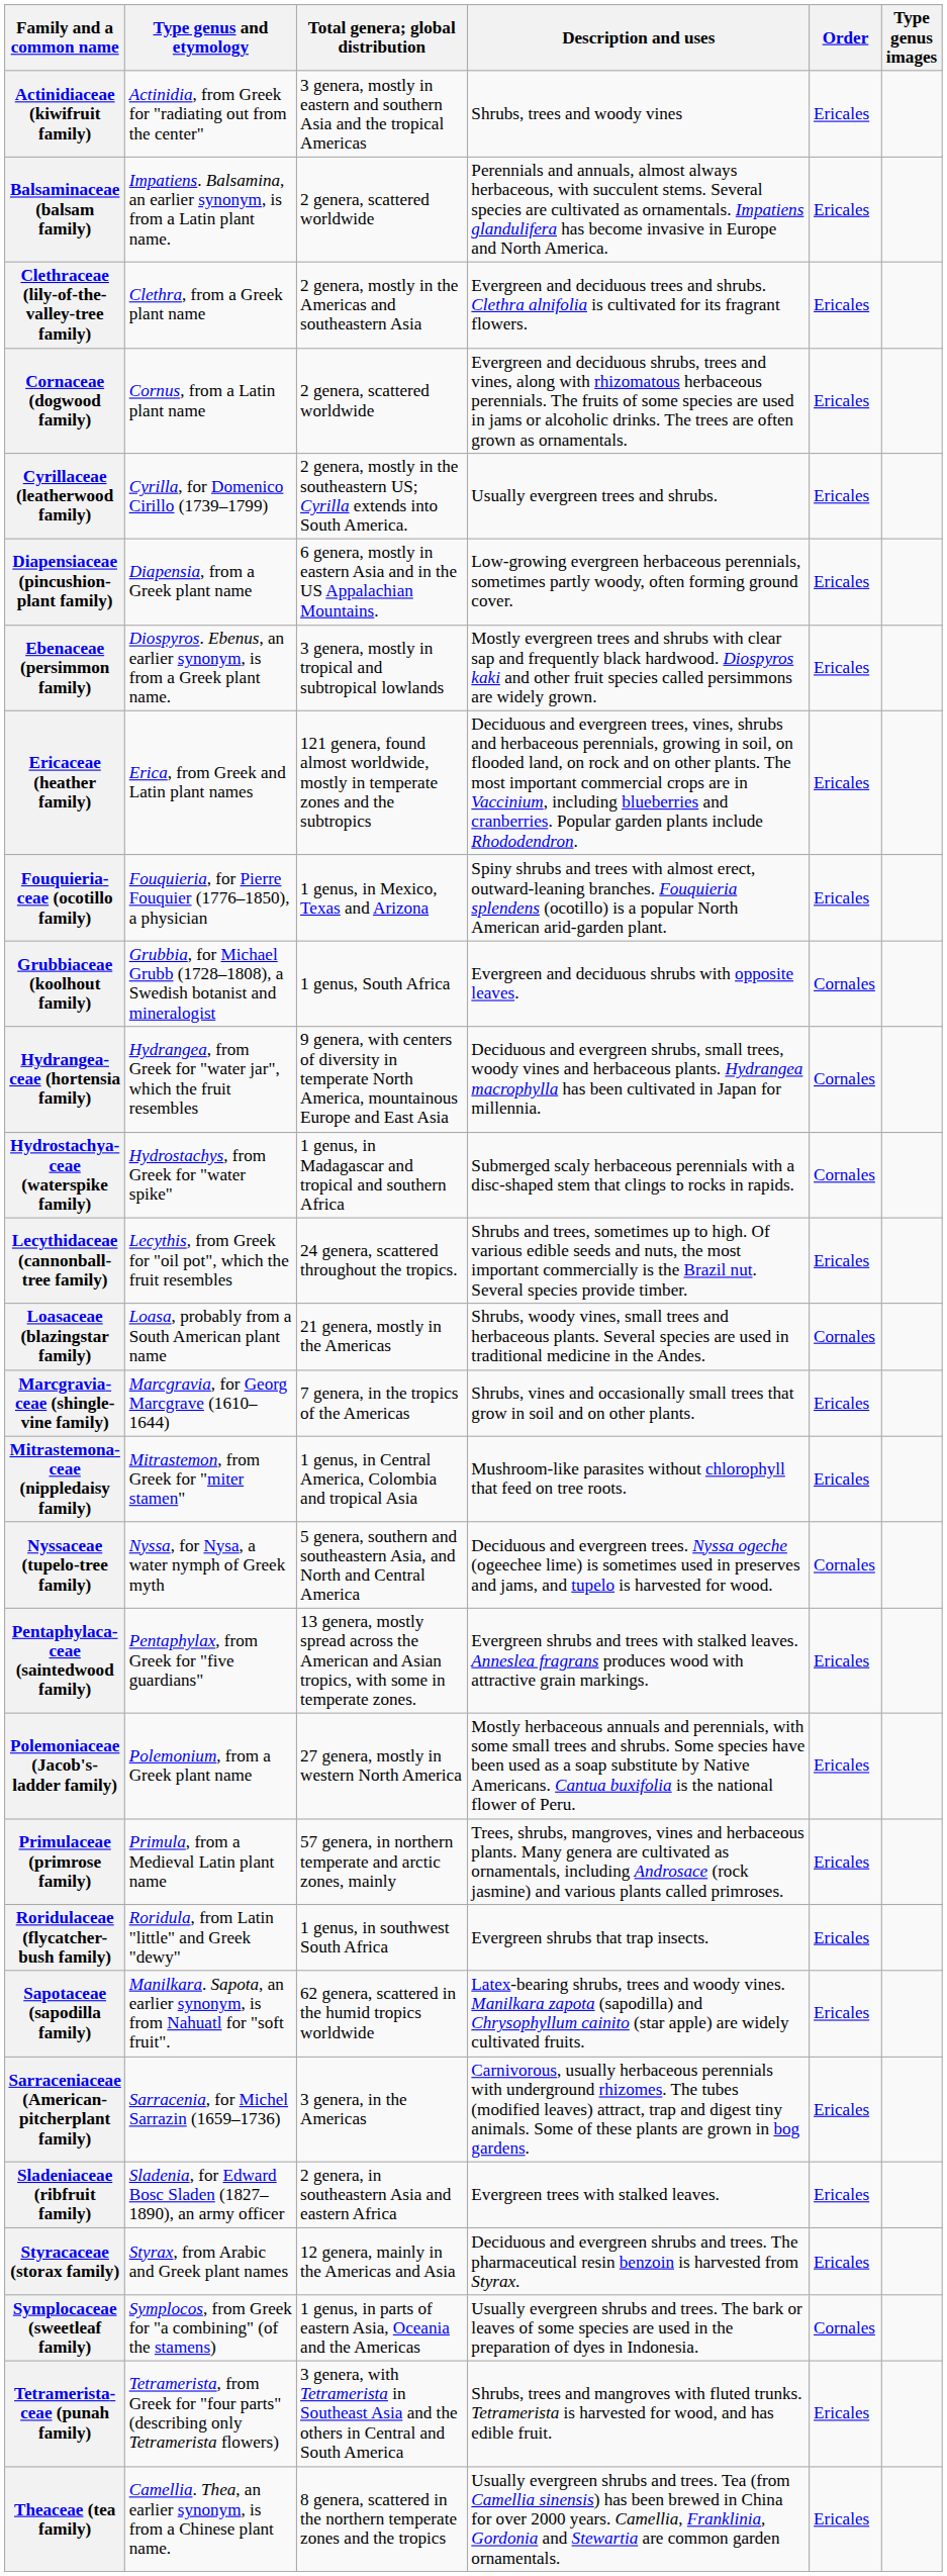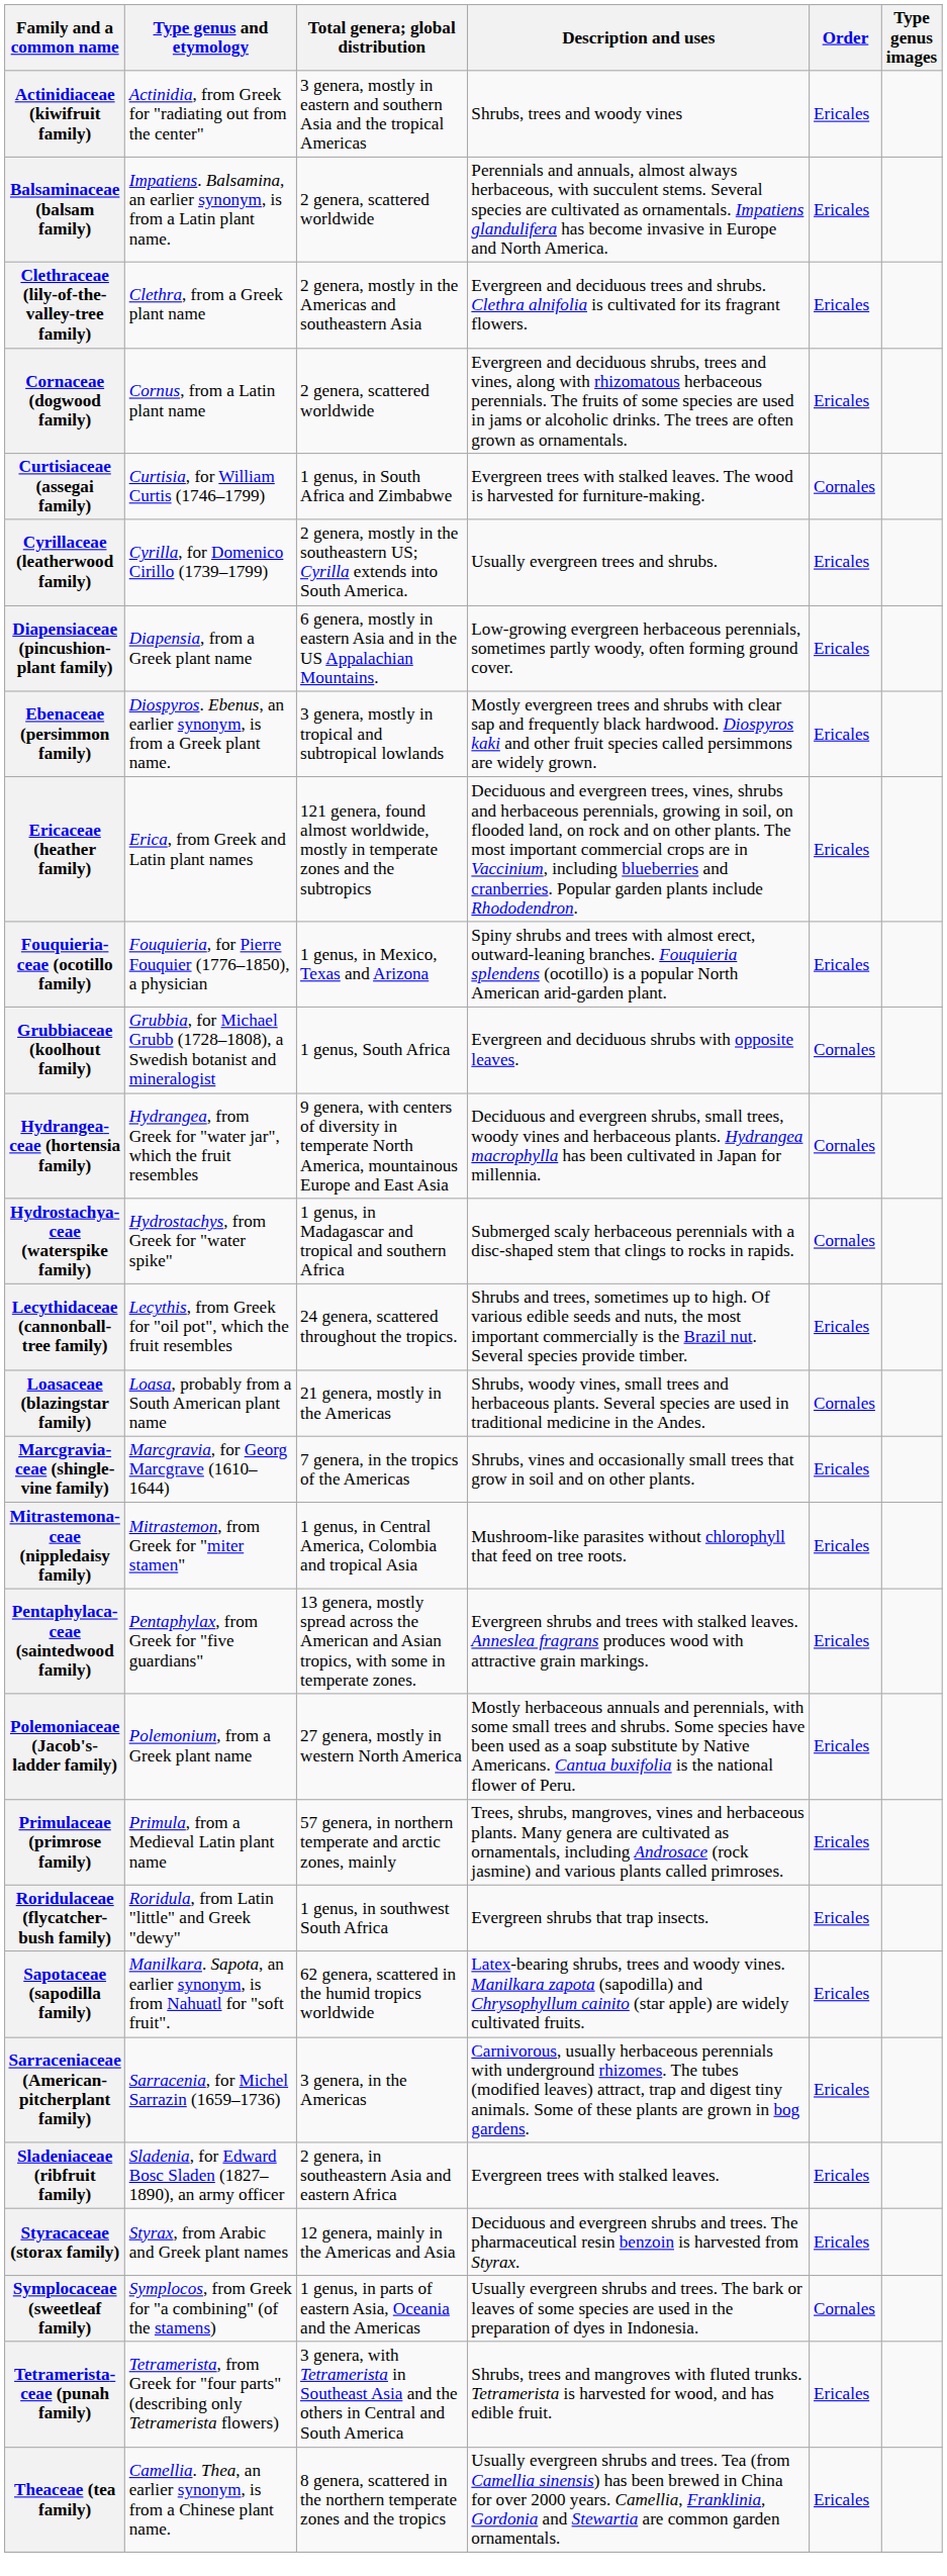 <table class="sortable wikitable plainrowheaders">
 <tr>
 <th scope="col" width="1%">Family and a <a href='#'>common name</a></th>
 <th scope="col" width="15%"><a href='#'>Type genus</a> and <a href='#'>etymology</a></th>
 <th scope="col" width="15%">Total genera; global distribution</th>
 <th scope="col" class=unsortable width="30%" style="min-width:160px;">Description and uses</th>
 <th scope="col" width="1%"><a href='#'>Order</a></th>
 <th scope="col" width="1%">Type genus images</th>
 </tr>
 <tr>
 <th scope="row"><a href='#'>Actinidiaceae</a> (kiwifruit family)</th>
 <td><em><a href='#'>Actinidia</a></em>, from Greek for "radiating out from the center"</td>
 <td>3 genera, mostly in eastern and southern Asia and the tropical Americas</td>
 <td>Shrubs, trees and woody vines</td>
 <td><a href='#'>Ericales</a></td>
 <td></td>
 </tr>
 <tr>
 <th scope="row"><a href='#'>Balsaminaceae</a> (balsam family)</th>
 <td><em><a href='#'>Impatiens</a></em>. <em>Balsamina</em>, an earlier <a href='#'>synonym</a>, is from a Latin plant name.</td>
 <td>2 genera, scattered worldwide</td>
 <td>Perennials and annuals, almost always herbaceous, with succulent stems. Several species are cultivated as ornamentals. <em><a href='#'>Impatiens glandulifera</a></em> has become invasive in Europe and North America.</td>
 <td><a href='#'>Ericales</a></td>
 <td></td>
 </tr>
 <tr>
 <th scope="row"><a href='#'>Clethraceae</a> (lily-of-the-valley-tree family)</th>
 <td><em><a href='#'>Clethra</a></em>, from a Greek plant name</td>
 <td>2 genera, mostly in the Americas and southeastern Asia</td>
 <td>Evergreen and deciduous trees and shrubs. <em><a href='#'>Clethra alnifolia</a></em> is cultivated for its fragrant flowers.</td>
 <td><a href='#'>Ericales</a></td>
 <td></td>
 </tr>
 <tr>
 <th scope="row"><a href='#'>Cornaceae</a> (dogwood family)</th>
 <td><em><a href='#'>Cornus</a></em>, from a Latin plant name</td>
 <td>2 genera, scattered worldwide</td>
 <td>Evergreen and deciduous shrubs, trees and vines, along with <a href='#'>rhizomatous</a> herbaceous perennials. The fruits of some species are used in jams or alcoholic drinks. The trees are often grown as ornamentals.</td>
 <td><a href='#'>Ericales</a></td>
+<td></td>
+</tr>
+<tr>
+<th scope="row"><a href='#'>Curtisiaceae</a> (assegai family)</th>
+<td><em><a href='#'>Curtisia</a></em>, for <a href='#'>William Curtis</a> (1746–1799)</td>
+<td>1 genus, in South Africa and Zimbabwe</td>
+<td>Evergreen trees with stalked leaves. The wood is harvested for furniture-making.</td>
+<td><a href='#'>Cornales</a></td>
 <td></td>
 </tr>
 <tr>
 <th scope="row"><a href='#'>Cyrillaceae</a> (leatherwood family)</th>
 <td><em><a href='#'>Cyrilla</a></em>, for <a href='#'>Domenico Cirillo</a> (1739–1799)</td>
 <td>2 genera, mostly in the southeastern US; <em><a href='#'>Cyrilla</a></em> extends into South America.</td>
 <td>Usually evergreen trees and shrubs.</td>
 <td><a href='#'>Ericales</a></td>
 <td></td>
 </tr>
 <tr>
 <th scope="row"><a href='#'>Diapensiaceae</a> (pincushion-plant family)</th>
 <td><em><a href='#'>Diapensia</a></em>, from a Greek plant name</td>
 <td>6 genera, mostly in eastern Asia and in the US <a href='#'>Appalachian Mountains</a>.</td>
 <td>Low-growing evergreen herbaceous perennials, sometimes partly woody, often forming ground cover.</td>
 <td><a href='#'>Ericales</a></td>
 <td></td>
 </tr>
 <tr>
 <th scope="row"><a href='#'>Ebenaceae</a> (persimmon family)</th>
 <td><em><a href='#'>Diospyros</a></em>. <em>Ebenus</em>, an earlier <a href='#'>synonym</a>, is from a Greek plant name.</td>
 <td>3 genera, mostly in tropical and subtropical lowlands</td>
 <td>Mostly evergreen trees and shrubs with clear sap and frequently black hardwood. <em><a href='#'>Diospyros kaki</a></em> and other fruit species called persimmons are widely grown.</td>
 <td><a href='#'>Ericales</a></td>
 <td></td>
 </tr>
 <tr>
 <th scope="row"><a href='#'>Ericaceae</a> (heather family)</th>
 <td><em><a href='#'>Erica</a></em>, from Greek and Latin plant names</td>
 <td>121 genera, found almost worldwide, mostly in temperate zones and the subtropics</td>
 <td>Deciduous and evergreen trees, vines, shrubs and herbaceous perennials, growing in soil, on flooded land, on rock and on other plants. The most important commercial crops are in <em><a href='#'>Vaccinium</a></em>, including <a href='#'>blueberries</a> and <a href='#'>cranberries</a>. Popular garden plants include <em><a href='#'>Rhododendron</a></em>.</td>
 <td><a href='#'>Ericales</a></td>
 <td></td>
 </tr>
 <tr>
 <th scope="row"><a href='#'>Fouquieria­ceae</a> (ocotillo family)</th>
 <td><em><a href='#'>Fouquieria</a></em>, for <a href='#'>Pierre Fouquier</a> (1776–1850), a physician</td>
 <td>1 genus, in Mexico, <a href='#'>Texas</a> and <a href='#'>Arizona</a></td>
 <td>Spiny shrubs and trees with almost erect, outward-leaning branches. <em><a href='#'>Fouquieria splendens</a></em> (ocotillo) is a popular North American arid-garden plant.</td>
 <td><a href='#'>Ericales</a></td>
 <td></td>
 </tr>
 <tr>
 <th scope="row"><a href='#'>Grubbiaceae</a> (koolhout family)</th>
 <td><em><a href='#'>Grubbia</a></em>, for <a href='#'>Michael Grubb</a> (1728–1808), a Swedish botanist and <a href='#'>mineralogist</a></td>
 <td>1 genus, South Africa</td>
 <td>Evergreen and deciduous shrubs with <a href='#'>opposite leaves</a>.</td>
 <td><a href='#'>Cornales</a></td>
 <td></td>
 </tr>
 <tr>
 <th scope="row"><a href='#'>Hydrangea­ceae</a> (hortensia family)</th>
 <td><em><a href='#'>Hydrangea</a></em>, from Greek for "water jar", which the fruit resembles</td>
 <td>9 genera, with centers of diversity in temperate North America, mountainous Europe and East Asia</td>
 <td>Deciduous and evergreen shrubs, small trees, woody vines and herbaceous plants. <em><a href='#'>Hydrangea macrophylla</a></em> has been cultivated in Japan for millennia.</td>
 <td><a href='#'>Cornales</a></td>
 <td></td>
 </tr>
 <tr>
 <th scope="row"><a href='#'>Hydrostachya­ceae</a> (waterspike family)</th>
 <td><em><a href='#'>Hydrostachys</a></em>, from Greek for "water spike"</td>
 <td>1 genus, in Madagascar and tropical and southern Africa</td>
 <td>Submerged scaly herbaceous perennials with a disc-shaped stem that clings to rocks in rapids.</td>
 <td><a href='#'>Cornales</a></td>
 <td></td>
 </tr>
 <tr>
 <th scope="row"><a href='#'>Lecythidaceae</a> (cannonball-tree family)</th>
 <td><em><a href='#'>Lecythis</a></em>, from Greek for "oil pot", which the fruit resembles</td>
 <td>24 genera, scattered throughout the tropics.</td>
 <td>Shrubs and trees, sometimes up to  high. Of various edible seeds and nuts, the most important commercially is the <a href='#'>Brazil nut</a>. Several species provide timber.</td>
 <td><a href='#'>Ericales</a></td>
 <td></td>
 </tr>
 <tr>
 <th scope="row"><a href='#'>Loasaceae</a> (blazingstar family)</th>
 <td><em><a href='#'>Loasa</a></em>, probably from a South American plant name</td>
 <td>21 genera, mostly in the Americas</td>
 <td>Shrubs, woody vines, small trees and herbaceous plants. Several species are used in traditional medicine in the Andes.</td>
 <td><a href='#'>Cornales</a></td>
 <td></td>
 </tr>
 <tr>
 <th scope="row"><a href='#'>Marcgravia­ceae</a> (shingle-vine family)</th>
 <td><em><a href='#'>Marcgravia</a></em>, for <a href='#'>Georg Marcgrave</a> (1610–1644)</td>
 <td>7 genera, in the tropics of the Americas</td>
 <td>Shrubs, vines and occasionally small trees that grow in soil and on other plants.</td>
 <td><a href='#'>Ericales</a></td>
 <td></td>
 </tr>
 <tr>
 <th scope="row"><a href='#'>Mitrastemona­ceae</a> (nippledaisy family)</th>
 <td><em><a href='#'>Mitrastemon</a></em>, from Greek for "<a href='#'>miter</a> <a href='#'>stamen</a>"</td>
 <td>1 genus, in Central America, Colombia and tropical Asia</td>
 <td>Mushroom-like parasites without <a href='#'>chlorophyll</a> that feed on tree roots.</td>
 <td><a href='#'>Ericales</a></td>
 <td></td>
 </tr>
 <tr>
-<th scope="row"><a href='#'>Nyssaceae</a> (tupelo-tree family)</th>
-<td><em><a href='#'>Nyssa</a></em>, for <a href='#'>Nysa</a>, a water nymph of Greek myth</td>
-<td>5 genera, southern and southeastern Asia, and North and Central America</td>
-<td>Deciduous and evergreen trees. <em><a href='#'>Nyssa ogeche</a></em> (ogeechee lime) is sometimes used in preserves and jams, and <a href='#'>tupelo</a> is harvested for wood.</td>
-<td><a href='#'>Cornales</a></td>
-<td></td>
-</tr>
-<tr>
 <th scope="row"><a href='#'>Pentaphylaca­ceae</a> (saintedwood family)</th>
 <td><em><a href='#'>Pentaphylax</a></em>, from Greek for "five guardians"</td>
 <td>13 genera, mostly spread across the American and Asian tropics, with some in temperate zones.</td>
 <td>Evergreen shrubs and trees with stalked leaves. <em><a href='#'>Anneslea fragrans</a></em> produces wood with attractive grain markings.</td>
 <td><a href='#'>Ericales</a></td>
 <td></td>
 </tr>
 <tr>
 <th scope="row"><a href='#'>Polemoniaceae</a> (Jacob's-ladder family)</th>
 <td><em><a href='#'>Polemonium</a></em>, from a Greek plant name</td>
 <td>27 genera, mostly in western North America</td>
 <td>Mostly herbaceous annuals and perennials, with some small trees and shrubs. Some species have been used as a soap substitute by Native Americans. <em><a href='#'>Cantua buxifolia</a></em> is the national flower of Peru.</td>
 <td><a href='#'>Ericales</a></td>
 <td></td>
 </tr>
 <tr>
 <th scope="row"><a href='#'>Primulaceae</a> (primrose family)</th>
 <td><em><a href='#'>Primula</a></em>, from a Medieval Latin plant name</td>
 <td>57 genera, in northern temperate and arctic zones, mainly</td>
 <td>Trees, shrubs, mangroves, vines and herbaceous plants. Many genera are cultivated as ornamentals, including <em><a href='#'>Androsace</a></em> (rock jasmine) and various plants called primroses.</td>
 <td><a href='#'>Ericales</a></td>
 <td></td>
 </tr>
 <tr>
 <th scope="row"><a href='#'>Roridulaceae</a> (flycatcher-bush family)</th>
 <td><em><a href='#'>Roridula</a></em>, from Latin "little" and Greek "dewy"</td>
 <td>1 genus, in southwest South Africa</td>
 <td>Evergreen shrubs that trap insects.</td>
 <td><a href='#'>Ericales</a></td>
 <td></td>
 </tr>
 <tr>
 <th scope="row"><a href='#'>Sapotaceae</a> (sapodilla family)</th>
 <td><em><a href='#'>Manilkara</a></em>. <em>Sapota</em>, an earlier <a href='#'>synonym</a>, is from <a href='#'>Nahuatl</a> for "soft fruit".</td>
 <td>62 genera, scattered in the humid tropics worldwide</td>
 <td><a href='#'>Latex</a>-bearing shrubs, trees and woody vines. <em><a href='#'>Manilkara zapota</a></em> (sapodilla) and <em><a href='#'>Chrysophyllum cainito</a></em> (star apple) are widely cultivated fruits.</td>
 <td><a href='#'>Ericales</a></td>
 <td></td>
 </tr>
 <tr>
 <th scope="row"><a href='#'>Sarracenia­ceae</a> (American-pitcherplant family)</th>
 <td><em><a href='#'>Sarracenia</a></em>, for <a href='#'>Michel Sarrazin</a> (1659–1736)</td>
 <td>3 genera, in the Americas</td>
 <td><a href='#'>Carnivorous</a>, usually herbaceous perennials with underground <a href='#'>rhizomes</a>. The tubes (modified leaves) attract, trap and digest tiny animals. Some of these plants are grown in <a href='#'>bog gardens</a>.</td>
 <td><a href='#'>Ericales</a></td>
 <td></td>
 </tr>
 <tr>
 <th scope="row"><a href='#'>Sladeniaceae</a> (ribfruit family)</th>
 <td><em><a href='#'>Sladenia</a></em>, for <a href='#'>Edward Bosc Sladen</a> (1827–1890), an army officer</td>
 <td>2 genera, in southeastern Asia and eastern Africa</td>
 <td>Evergreen trees with stalked leaves.</td>
 <td><a href='#'>Ericales</a></td>
 <td></td>
 </tr>
 <tr>
 <th scope="row"><a href='#'>Styracaceae</a> (storax family)</th>
 <td><em><a href='#'>Styrax</a></em>, from Arabic and Greek plant names</td>
 <td>12 genera, mainly in the Americas and Asia</td>
 <td>Deciduous and evergreen shrubs and trees. The pharmaceutical resin <a href='#'>benzoin</a> is harvested from <em>Styrax</em>.</td>
 <td><a href='#'>Ericales</a></td>
 <td></td>
 </tr>
 <tr>
 <th scope="row"><a href='#'>Symplocaceae</a> (sweetleaf family)</th>
 <td><em><a href='#'>Symplocos</a></em>, from Greek for "a combining" (of the <a href='#'>stamens</a>)</td>
 <td>1 genus, in parts of eastern Asia, <a href='#'>Oceania</a> and the Americas</td>
 <td>Usually evergreen shrubs and trees. The bark or leaves of some species are used in the preparation of dyes in Indonesia.</td>
 <td><a href='#'>Cornales</a></td>
 <td></td>
 </tr>
 <tr>
 <th scope="row"><a href='#'>Tetramerista­ceae</a> (punah family)</th>
 <td><em><a href='#'>Tetramerista</a></em>, from Greek for "four parts" (describing only <em>Tetramerista</em> flowers)</td>
 <td>3 genera, with <em><a href='#'>Tetramerista</a></em> in <a href='#'>Southeast Asia</a> and the others in Central and South America</td>
 <td>Shrubs, trees and mangroves with fluted trunks. <em>Tetramerista</em> is harvested for wood, and has edible fruit.</td>
 <td><a href='#'>Ericales</a></td>
 <td></td>
 </tr>
 <tr>
 <th scope="row"><a href='#'>Theaceae</a> (tea family)</th>
 <td><em><a href='#'>Camellia</a></em>. <em>Thea</em>, an earlier <a href='#'>synonym</a>, is from a Chinese plant name.</td>
 <td>8 genera, scattered in the northern temperate zones and the tropics</td>
 <td>Usually evergreen shrubs and trees. Tea (from <em><a href='#'>Camellia sinensis</a></em>) has been brewed in China for over 2000 years. <em>Camellia</em>, <em><a href='#'>Franklinia</a>, <a href='#'>Gordonia</a></em> and <em><a href='#'>Stewartia</a></em> are common garden ornamentals.</td>
 <td><a href='#'>Ericales</a></td>
 <td></td>
 </tr>
 <tr>
 </tr>
 </table>
